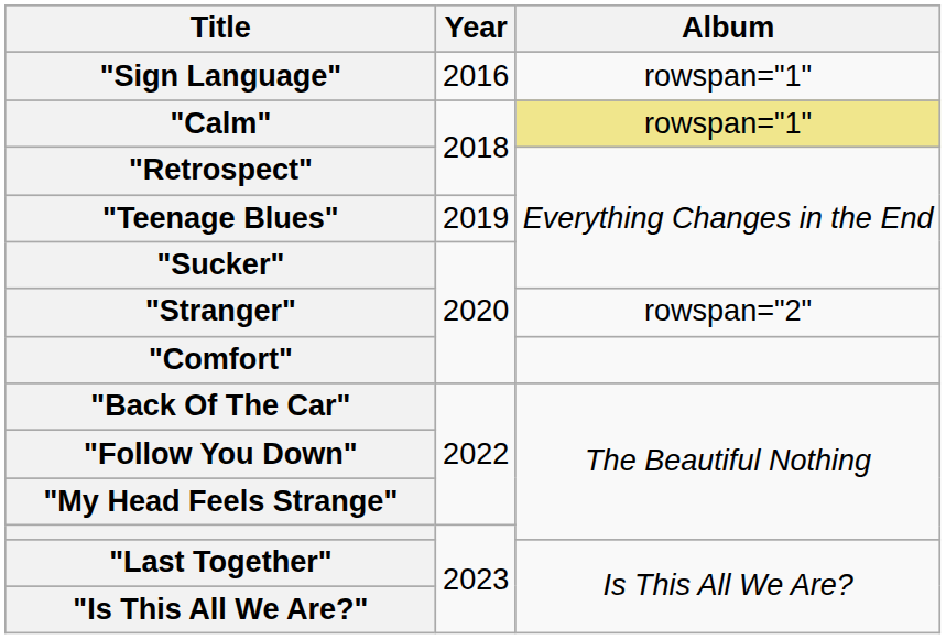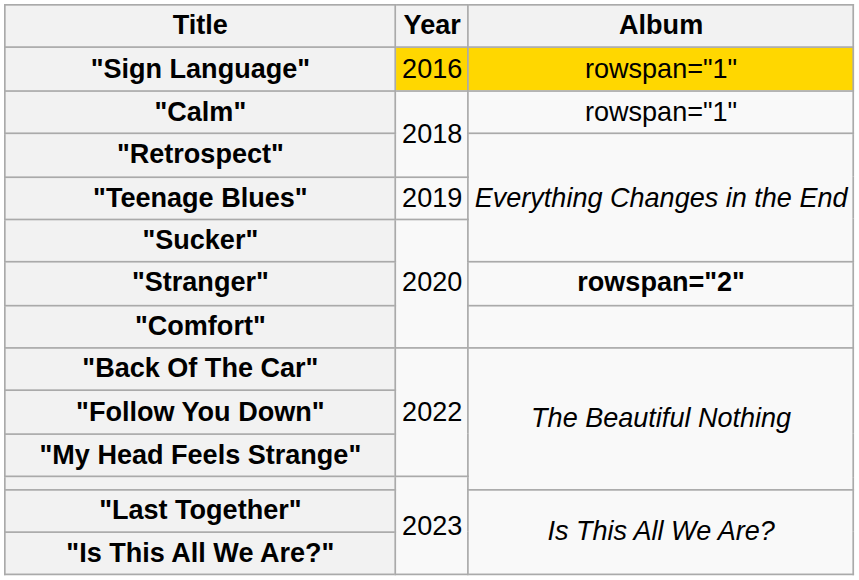 <table class="wikitable plainrowheaders" style="text-align:center;">
 <tr>
 <th scope="col" style="width:14em;">Title</th>
 <th scope="col" style="width:1em;">Year</th>
 <th scope="col">Album</th>
 </tr>
 <tr>
 <th scope="row">"Sign Language"</th>
-<td rowspan="1">2016</td>
-<td>rowspan="1" </td>
+<td rowspan="1" style="background: gold;">2016</td>
+<td style="background: gold;">rowspan="1" </td>
 </tr>
 <tr>
 <th scope="row">"Calm"</th>
 <td rowspan="2">2018</td>
-<td style="background: khaki;">rowspan="1" </td>
+<td>rowspan="1" </td>
 </tr>
 <tr>
 <th scope="row">"Retrospect"</th>
 <td rowspan="3"><em>Everything Changes in the End</em></td>
 </tr>
 <tr>
 <th scope="row">"Teenage Blues"</th>
 <td>2019</td>
 </tr>
 <tr>
 <th scope="row">"Sucker"</th>
 <td rowspan="3">2020</td>
 </tr>
 <tr>
 <th scope="row">"Stranger"</th>
-<td>rowspan="2" </td>
+<td><strong>rowspan="2" </strong></td>
 </tr>
 <tr>
 <th scope="row">"Comfort"</th>
 </tr>
 <tr>
 <th scope="row">"Back Of The Car"</th>
 <td rowspan="3">2022</td>
 <td rowspan="4"><em>The Beautiful Nothing</em></td>
 </tr>
 <tr>
 <th scope="row">"Follow You Down"</th>
 </tr>
 <tr>
 <th scope="row">"My Head Feels Strange"</th>
 </tr>
 <tr>
 <th scope="row"></th>
 <td rowspan="3">2023</td>
 </tr>
 <tr>
 <th scope="row">"Last Together"</th>
 <td rowspan="2"><em>Is This All We Are?</em></td>
 </tr>
 <tr>
 <th scope="row">"Is This All We Are?"</th>
 </tr>
 </table>
